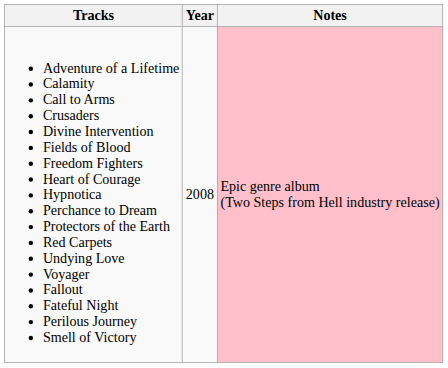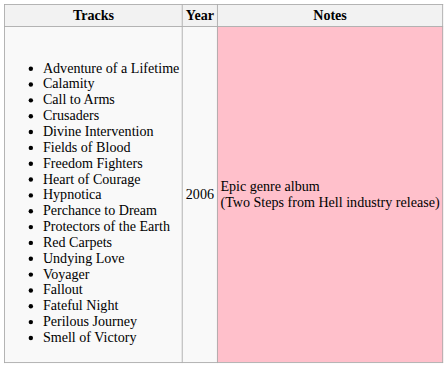 <table class="wikitable sortable">
 <tr>
 <th>Tracks</th>
 <th>Year</th>
 <th>Notes</th>
 </tr>
 <tr>
 <td><br><ul><li>Adventure of a Lifetime</li><li>Calamity</li><li>Call to Arms</li><li>Crusaders</li><li>Divine Intervention</li><li>Fields of Blood</li><li>Freedom Fighters</li><li>Heart of Courage</li><li>Hypnotica</li><li>Perchance to Dream</li><li>Protectors of the Earth</li><li>Red Carpets</li><li>Undying Love</li><li>Voyager</li><li>Fallout</li><li>Fateful Night</li><li>Perilous Journey</li><li>Smell of Victory</li></ul></td>
-<td>2008</td>
+<td>2006</td>
 <td style="background: pink;">Epic genre album<br>(Two Steps from Hell industry release)</td>
 </tr>
 </table>
